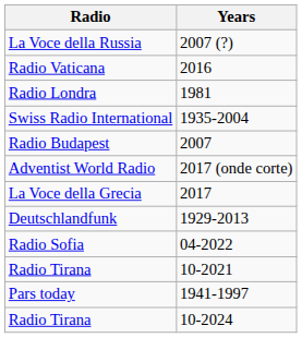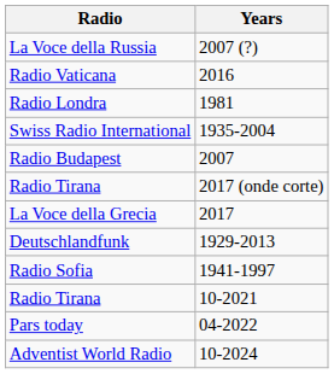 <table class="wikitable">
 <tr>
 <th>Radio</th>
 <th>Years</th>
 </tr>
 <tr>
 <td> <a href='#'>La Voce della Russia</a></td>
 <td>2007 (?)</td>
 </tr>
 <tr>
 <td> <a href='#'>Radio Vaticana</a></td>
 <td>2016 </td>
 </tr>
 <tr>
 <td> <a href='#'>Radio Londra</a></td>
 <td>1981</td>
 </tr>
 <tr>
 <td> <a href='#'>Swiss Radio International</a></td>
 <td>1935-2004</td>
 </tr>
 <tr>
 <td> <a href='#'>Radio Budapest</a></td>
 <td>2007</td>
 </tr>
 <tr>
-<td> <a href='#'>Adventist World Radio</a></td>
+<td> <a href='#'>Radio Tirana</a></td>
 <td>2017 (onde corte)</td>
 </tr>
 <tr>
 <td> <a href='#'>La Voce della Grecia</a></td>
 <td>2017</td>
 </tr>
 <tr>
 <td> <a href='#'>Deutschlandfunk</a></td>
 <td>1929-2013</td>
 </tr>
 <tr>
 <td> <a href='#'>Radio Sofia</a></td>
-<td>04-2022</td>
+<td>1941-1997</td>
 </tr>
 <tr>
 <td> <a href='#'>Radio Tirana</a></td>
 <td>10-2021</td>
 </tr>
 <tr>
 <td> <a href='#'>Pars today</a></td>
-<td>1941-1997</td>
+<td>04-2022</td>
 </tr>
 <tr>
-<td> <a href='#'>Radio Tirana</a></td>
+<td> <a href='#'>Adventist World Radio</a></td>
 <td>10-2024</td>
 </tr>
 </table>
